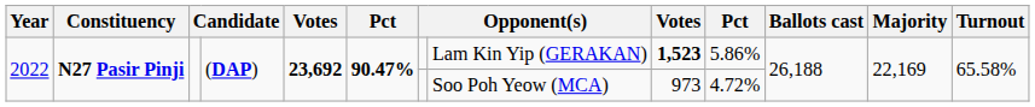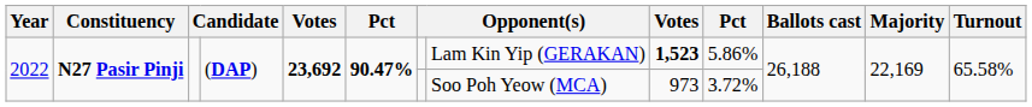 <table class="wikitable" style="margin:0.5em ; font-size:95%">
 <tr>
 <th>Year</th>
 <th>Constituency</th>
 <th colspan=2>Candidate</th>
 <th>Votes</th>
 <th>Pct</th>
 <th colspan=2>Opponent(s)</th>
 <th>Votes</th>
 <th>Pct</th>
 <th>Ballots cast</th>
 <th>Majority</th>
 <th>Turnout</th>
 </tr>
 <tr>
 <td rowspan=2><a href='#'>2022</a></td>
 <td rowspan=2><strong>N27 <a href='#'>Pasir Pinji</a></strong></td>
 <td rowspan=2 ></td>
 <td rowspan=2> (<a href='#'><strong>DAP</strong></a>)</td>
 <td rowspan=2 align=right><strong>23,692</strong></td>
 <td rowspan=2><strong>90.47%</strong></td>
 <td></td>
 <td>Lam Kin Yip (<a href='#'>GERAKAN</a>)</td>
 <td align=right><strong>1,523</strong></td>
 <td align=right>5.86%</td>
 <td rowspan=2>26,188</td>
 <td rowspan=2>22,169</td>
 <td rowspan=2>65.58%</td>
 </tr>
 <tr>
 <td></td>
 <td>Soo Poh Yeow (<a href='#'>MCA</a>)</td>
 <td align=right>973</td>
-<td align=right>4.72%</td>
+<td align=right>3.72%</td>
 </tr>
 </table>
